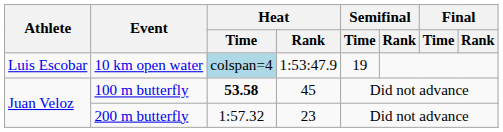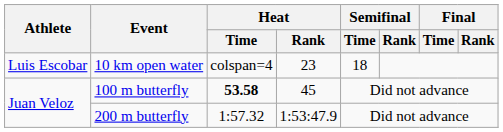 <table class=wikitable style="font-size:90%">
 <tr>
 <th rowspan="2">Athlete</th>
 <th rowspan="2">Event</th>
 <th colspan="2">Heat</th>
 <th colspan="2">Semifinal</th>
 <th colspan="2">Final</th>
 </tr>
 <tr style="font-size:95%">
 <th>Time</th>
 <th>Rank</th>
 <th>Time</th>
 <th>Rank</th>
 <th>Time</th>
 <th>Rank</th>
 </tr>
 <tr align=center>
 <td align=left><a href='#'>Luis Escobar</a></td>
 <td align=left><a href='#'>10 km open water</a></td>
-<td style="background: lightblue;">colspan=4 </td>
-<td>1:53:47.9</td>
-<td>19</td>
+<td>colspan=4 </td>
+<td>23</td>
+<td>18</td>
 </tr>
 <tr align=center>
 <td align=left rowspan=2><a href='#'>Juan Veloz</a></td>
 <td align=left><a href='#'>100 m butterfly</a></td>
 <td><strong>53.58</strong></td>
 <td>45</td>
 <td colspan=4>Did not advance</td>
 </tr>
 <tr align=center>
 <td align=left><a href='#'>200 m butterfly</a></td>
 <td>1:57.32</td>
-<td>23</td>
+<td>1:53:47.9</td>
 <td colspan=4>Did not advance</td>
 </tr>
 </table>
